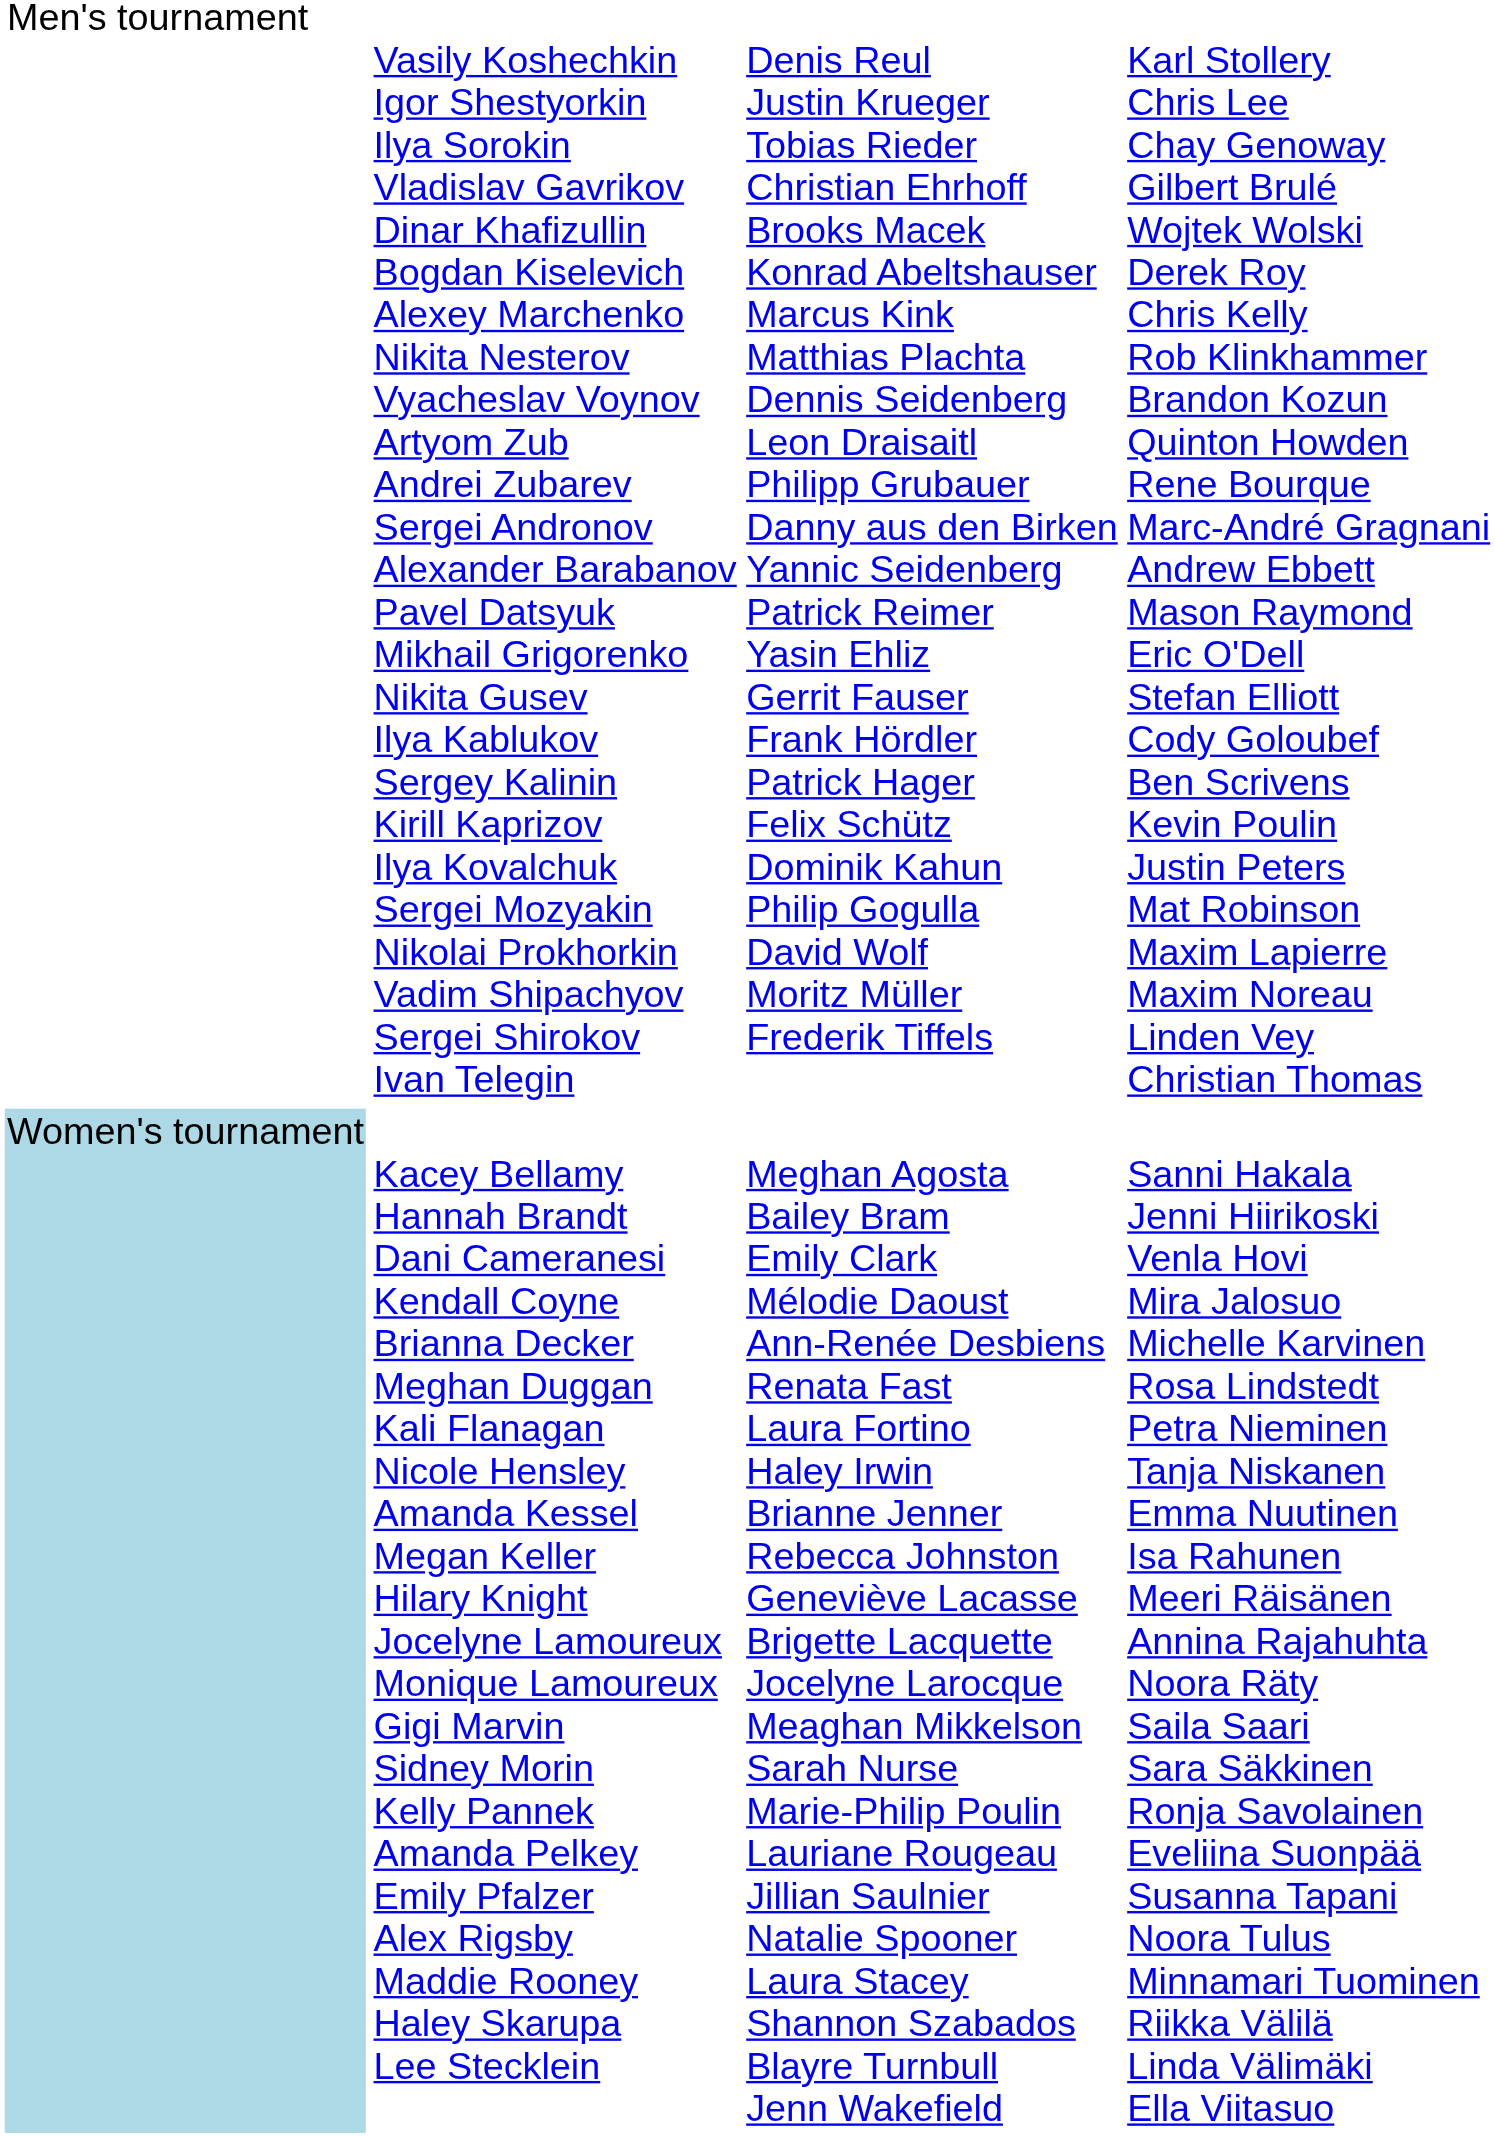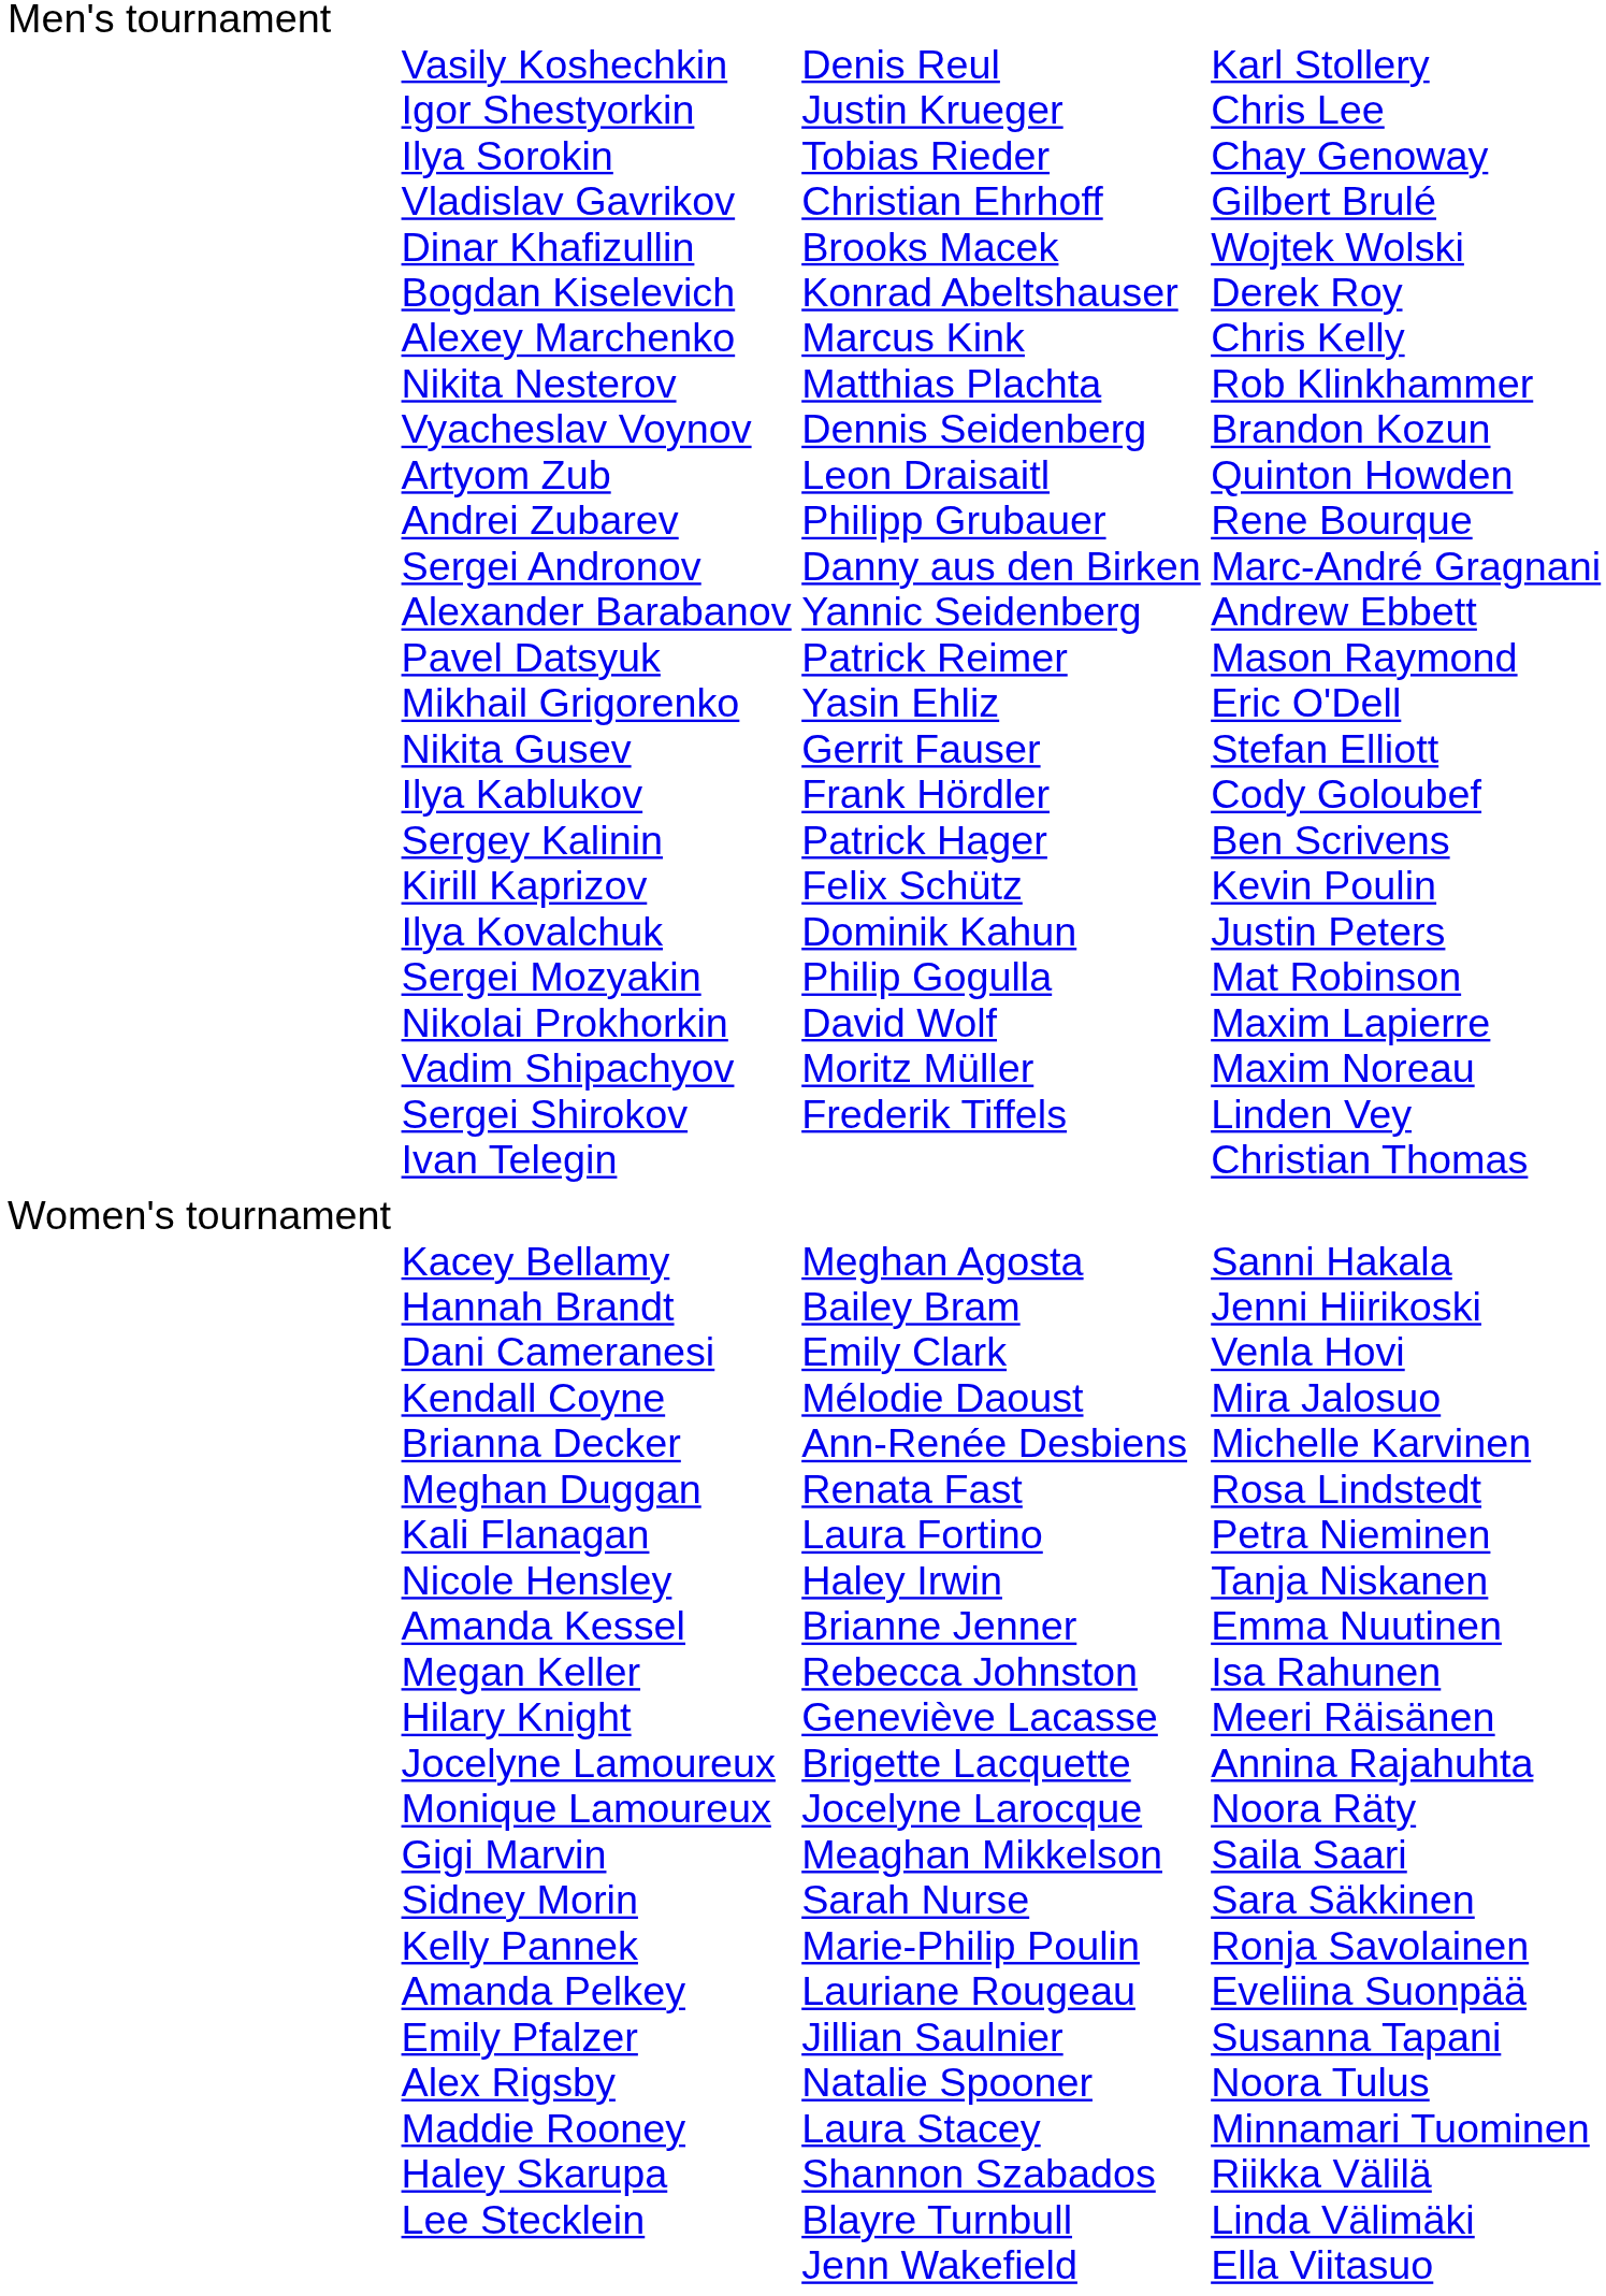 <table>
 <tr valign="top">
 <td>Men's tournament<br></td>
 <td><br><a href='#'>Vasily Koshechkin</a><br><a href='#'>Igor Shestyorkin</a><br><a href='#'>Ilya Sorokin</a><br><a href='#'>Vladislav Gavrikov</a><br><a href='#'>Dinar Khafizullin</a><br><a href='#'>Bogdan Kiselevich</a><br><a href='#'>Alexey Marchenko</a><br><a href='#'>Nikita Nesterov</a><br><a href='#'>Vyacheslav Voynov</a><br><a href='#'>Artyom Zub</a><br><a href='#'>Andrei Zubarev</a><br><a href='#'>Sergei Andronov</a><br><a href='#'>Alexander Barabanov</a><br><a href='#'>Pavel Datsyuk</a><br><a href='#'>Mikhail Grigorenko</a><br><a href='#'>Nikita Gusev</a><br><a href='#'>Ilya Kablukov</a><br><a href='#'>Sergey Kalinin</a><br><a href='#'>Kirill Kaprizov</a><br><a href='#'>Ilya Kovalchuk</a><br><a href='#'>Sergei Mozyakin</a><br><a href='#'>Nikolai Prokhorkin</a><br><a href='#'>Vadim Shipachyov</a><br><a href='#'>Sergei Shirokov</a><br><a href='#'>Ivan Telegin</a></td>
 <td><br><a href='#'>Denis Reul</a><br><a href='#'>Justin Krueger</a><br><a href='#'>Tobias Rieder</a><br><a href='#'>Christian Ehrhoff</a><br><a href='#'>Brooks Macek</a><br><a href='#'>Konrad Abeltshauser</a><br><a href='#'>Marcus Kink</a><br><a href='#'>Matthias Plachta</a><br><a href='#'>Dennis Seidenberg</a><br><a href='#'>Leon Draisaitl</a><br><a href='#'>Philipp Grubauer</a><br><a href='#'>Danny aus den Birken</a><br><a href='#'>Yannic Seidenberg</a><br><a href='#'>Patrick Reimer</a><br><a href='#'>Yasin Ehliz</a><br><a href='#'>Gerrit Fauser</a><br><a href='#'>Frank Hördler</a><br><a href='#'>Patrick Hager</a><br><a href='#'>Felix Schütz</a><br><a href='#'>Dominik Kahun</a><br><a href='#'>Philip Gogulla</a><br><a href='#'>David Wolf</a><br><a href='#'>Moritz Müller</a><br><a href='#'>Frederik Tiffels</a></td>
 <td><br><a href='#'>Karl Stollery</a><br><a href='#'>Chris Lee</a><br><a href='#'>Chay Genoway</a><br><a href='#'>Gilbert Brulé</a><br><a href='#'>Wojtek Wolski</a><br><a href='#'>Derek Roy</a><br><a href='#'>Chris Kelly</a><br><a href='#'>Rob Klinkhammer</a><br><a href='#'>Brandon Kozun</a><br><a href='#'>Quinton Howden</a><br><a href='#'>Rene Bourque</a><br><a href='#'>Marc-André Gragnani</a><br><a href='#'>Andrew Ebbett</a><br><a href='#'>Mason Raymond</a><br><a href='#'>Eric O'Dell</a><br><a href='#'>Stefan Elliott</a><br><a href='#'>Cody Goloubef</a><br><a href='#'>Ben Scrivens</a><br><a href='#'>Kevin Poulin</a><br><a href='#'>Justin Peters</a><br><a href='#'>Mat Robinson</a><br><a href='#'>Maxim Lapierre</a><br><a href='#'>Maxim Noreau</a><br><a href='#'>Linden Vey</a><br><a href='#'>Christian Thomas</a></td>
 </tr>
 <tr valign="top">
-<td style="background: lightblue;">Women's tournament<br></td>
+<td>Women's tournament<br></td>
 <td><br><a href='#'>Kacey Bellamy</a><br><a href='#'>Hannah Brandt</a><br><a href='#'>Dani Cameranesi</a><br><a href='#'>Kendall Coyne</a><br><a href='#'>Brianna Decker</a><br><a href='#'>Meghan Duggan</a><br><a href='#'>Kali Flanagan</a><br><a href='#'>Nicole Hensley</a><br><a href='#'>Amanda Kessel</a><br><a href='#'>Megan Keller</a><br><a href='#'>Hilary Knight</a><br><a href='#'>Jocelyne Lamoureux</a><br><a href='#'>Monique Lamoureux</a><br><a href='#'>Gigi Marvin</a><br><a href='#'>Sidney Morin</a><br><a href='#'>Kelly Pannek</a><br><a href='#'>Amanda Pelkey</a><br><a href='#'>Emily Pfalzer</a><br><a href='#'>Alex Rigsby</a><br><a href='#'>Maddie Rooney</a><br><a href='#'>Haley Skarupa</a><br><a href='#'>Lee Stecklein</a></td>
 <td><br><a href='#'>Meghan Agosta</a><br><a href='#'>Bailey Bram</a><br><a href='#'>Emily Clark</a><br><a href='#'>Mélodie Daoust</a><br><a href='#'>Ann-Renée Desbiens</a><br><a href='#'>Renata Fast</a><br><a href='#'>Laura Fortino</a><br><a href='#'>Haley Irwin</a><br><a href='#'>Brianne Jenner</a><br><a href='#'>Rebecca Johnston</a><br><a href='#'>Geneviève Lacasse</a><br><a href='#'>Brigette Lacquette</a><br><a href='#'>Jocelyne Larocque</a><br><a href='#'>Meaghan Mikkelson</a><br><a href='#'>Sarah Nurse</a><br><a href='#'>Marie-Philip Poulin</a><br><a href='#'>Lauriane Rougeau</a><br><a href='#'>Jillian Saulnier</a><br><a href='#'>Natalie Spooner</a><br><a href='#'>Laura Stacey</a><br><a href='#'>Shannon Szabados</a><br><a href='#'>Blayre Turnbull</a><br><a href='#'>Jenn Wakefield</a></td>
 <td><br><a href='#'>Sanni Hakala</a><br><a href='#'>Jenni Hiirikoski</a><br><a href='#'>Venla Hovi</a><br><a href='#'>Mira Jalosuo</a><br><a href='#'>Michelle Karvinen</a><br><a href='#'>Rosa Lindstedt</a><br><a href='#'>Petra Nieminen</a><br><a href='#'>Tanja Niskanen</a><br><a href='#'>Emma Nuutinen</a><br><a href='#'>Isa Rahunen</a><br><a href='#'>Meeri Räisänen</a><br><a href='#'>Annina Rajahuhta</a><br><a href='#'>Noora Räty</a><br><a href='#'>Saila Saari</a><br><a href='#'>Sara Säkkinen</a><br><a href='#'>Ronja Savolainen</a><br><a href='#'>Eveliina Suonpää</a><br><a href='#'>Susanna Tapani</a><br><a href='#'>Noora Tulus</a><br><a href='#'>Minnamari Tuominen</a><br><a href='#'>Riikka Välilä</a><br><a href='#'>Linda Välimäki</a><br><a href='#'>Ella Viitasuo</a></td>
 </tr>
 </table>
